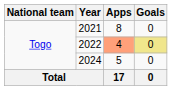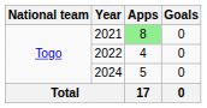 <table class="wikitable" style="text-align:center">
 <tr>
 <th>National team</th>
 <th>Year</th>
 <th>Apps</th>
 <th>Goals</th>
 </tr>
 <tr>
 <td rowspan="3"><a href='#'>Togo</a></td>
 <td>2021</td>
-<td>8</td>
+<td style="background: lightgreen;">8</td>
 <td>0</td>
 </tr>
 <tr>
 <td>2022</td>
-<td style="background: lightsalmon;">4</td>
-<td style="background: khaki;">0</td>
+<td>4</td>
+<td>0</td>
 </tr>
 <tr>
 <td>2024</td>
 <td>5</td>
 <td>0</td>
 </tr>
 <tr>
 <th colspan="2">Total</th>
 <th>17</th>
 <th>0</th>
 </tr>
 </table>
